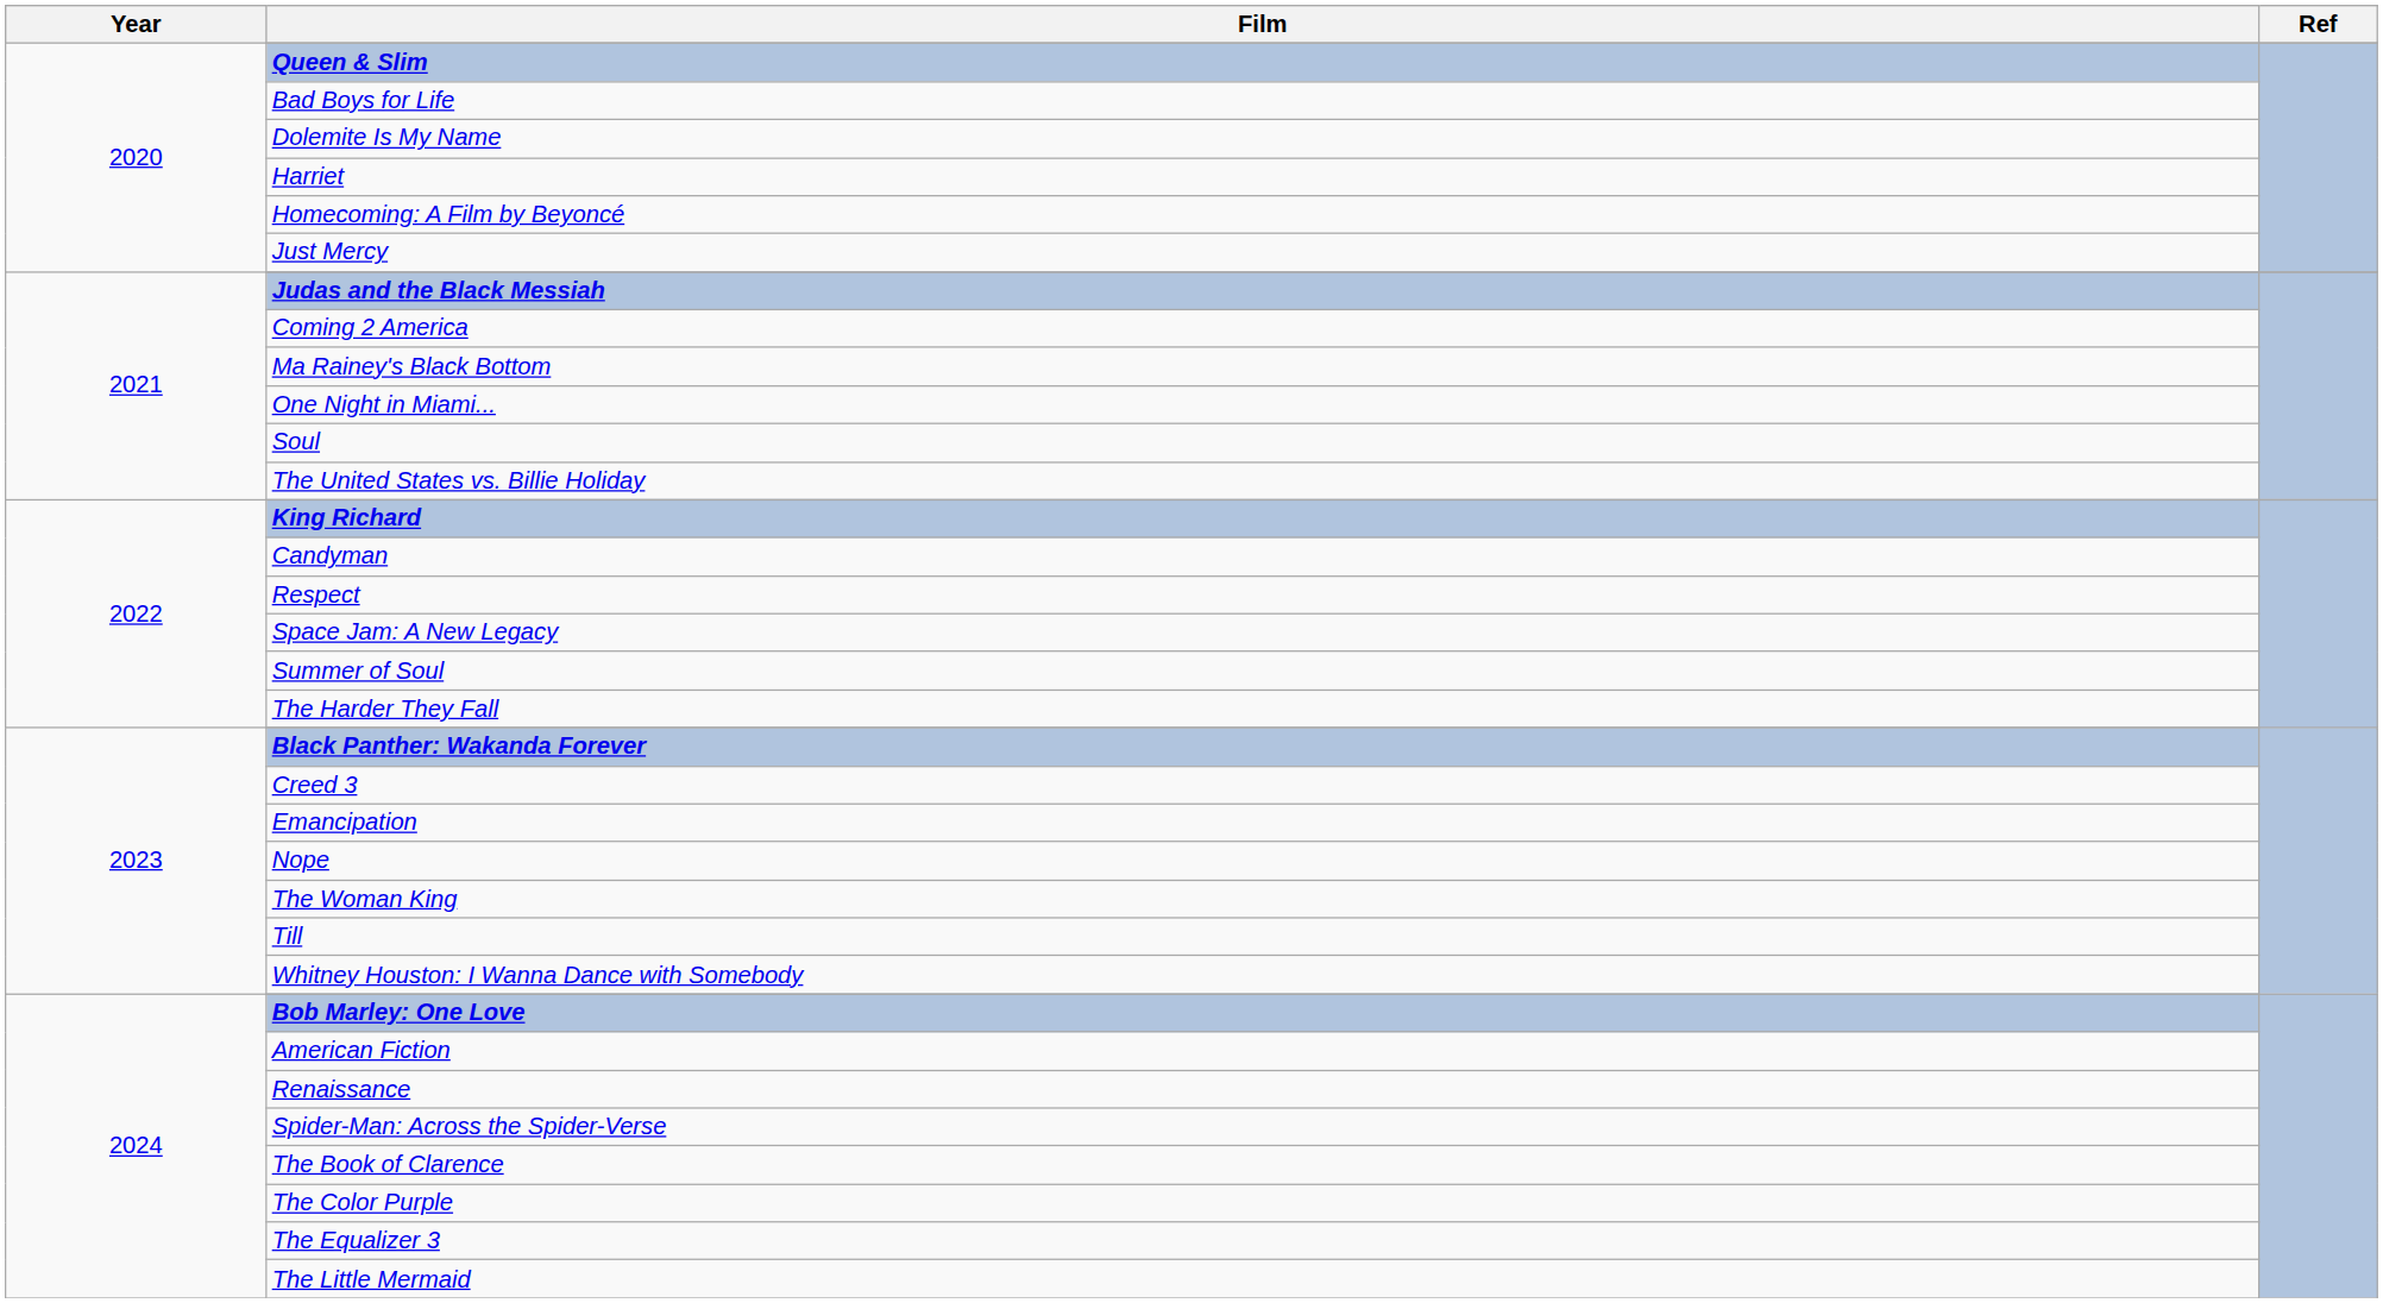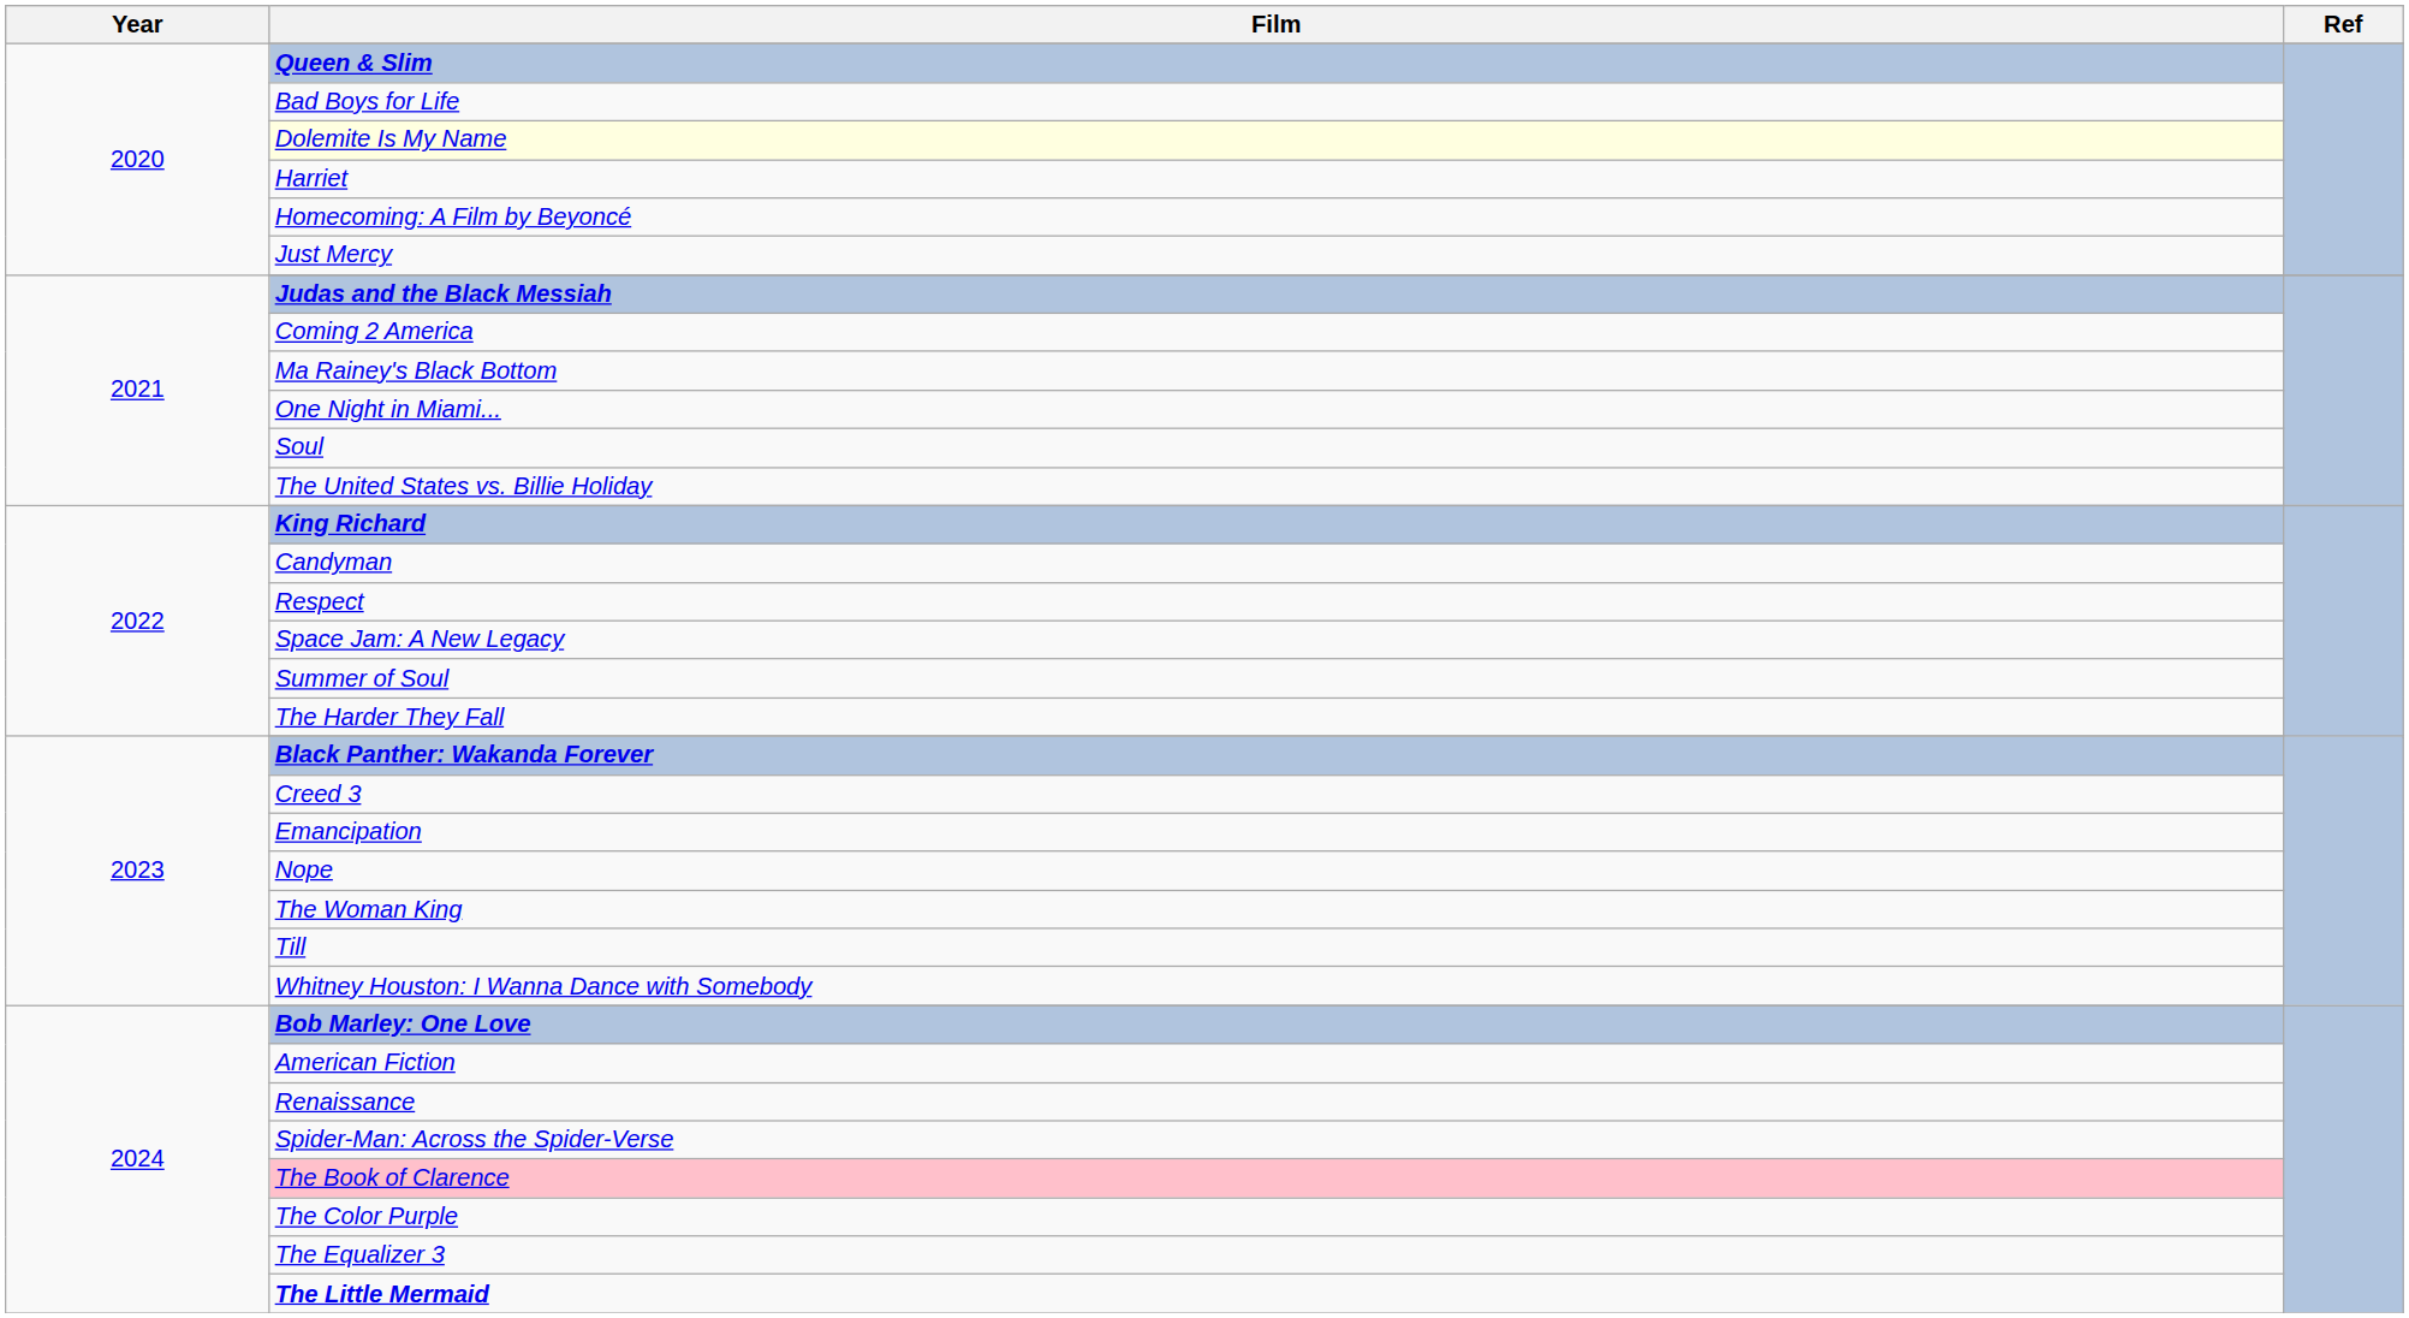 <table class="wikitable" style="width:100%;">
 <tr style="background:#bebebe;">
 <th style="width:11%;">Year</th>
 <th style="width:84%;">Film</th>
 <th style="width:5%;">Ref</th>
 </tr>
 <tr>
 <td rowspan="7" align="center"><a href='#'>2020</a></td>
 </tr>
 <tr style="background:#B0C4DE">
 <td><strong><em><a href='#'>Queen & Slim</a></em></strong></td>
 <td rowspan="6" align="center"></td>
 </tr>
 <tr>
 <td><em><a href='#'>Bad Boys for Life</a></em></td>
 </tr>
 <tr>
-<td><em><a href='#'>Dolemite Is My Name</a></em></td>
+<td style="background: lightyellow;"><em><a href='#'>Dolemite Is My Name</a></em></td>
 </tr>
 <tr>
 <td><em><a href='#'>Harriet</a></em></td>
 </tr>
 <tr>
 <td><em><a href='#'>Homecoming: A Film by Beyoncé</a></em></td>
 </tr>
 <tr>
 <td><em><a href='#'>Just Mercy</a></em></td>
 </tr>
 <tr>
 <td rowspan="7" align="center"><a href='#'>2021</a></td>
 </tr>
 <tr style="background:#B0C4DE">
 <td><strong><em><a href='#'>Judas and the Black Messiah</a></em></strong></td>
 <td rowspan="6" align="center"></td>
 </tr>
 <tr>
 <td><em><a href='#'>Coming 2 America</a></em></td>
 </tr>
 <tr>
 <td><em><a href='#'>Ma Rainey's Black Bottom</a></em></td>
 </tr>
 <tr>
 <td><em><a href='#'>One Night in Miami...</a></em></td>
 </tr>
 <tr>
 <td><em><a href='#'>Soul</a></em></td>
 </tr>
 <tr>
 <td><em><a href='#'>The United States vs. Billie Holiday</a></em></td>
 </tr>
 <tr>
 <td rowspan="7" align="center"><a href='#'>2022</a></td>
 </tr>
 <tr style="background:#B0C4DE">
 <td><strong><em><a href='#'>King Richard</a></em></strong></td>
 <td rowspan="7" align="center"></td>
 </tr>
 <tr>
 <td><em><a href='#'>Candyman</a></em></td>
 </tr>
 <tr>
 <td><em><a href='#'>Respect</a></em></td>
 </tr>
 <tr>
 <td><em><a href='#'>Space Jam: A New Legacy</a></em></td>
 </tr>
 <tr>
 <td><em><a href='#'>Summer of Soul</a></em></td>
 </tr>
 <tr>
 <td><em><a href='#'>The Harder They Fall</a></em></td>
 </tr>
 <tr>
 <td rowspan="8" align="center"><a href='#'>2023</a></td>
 </tr>
 <tr style="background:#B0C4DE">
 <td><strong><em><a href='#'>Black Panther: Wakanda Forever</a></em></strong></td>
 <td rowspan="8" align="center"></td>
 </tr>
 <tr>
 <td><em><a href='#'>Creed 3</a></em></td>
 </tr>
 <tr>
 <td><em><a href='#'>Emancipation</a></em></td>
 </tr>
 <tr>
 <td><em><a href='#'>Nope</a></em></td>
 </tr>
 <tr>
 <td><em><a href='#'>The Woman King</a></em></td>
 </tr>
 <tr>
 <td><em><a href='#'>Till</a></em></td>
 </tr>
 <tr>
 <td><em><a href='#'>Whitney Houston: I Wanna Dance with Somebody</a></em></td>
 </tr>
 <tr>
 <td rowspan="9" align="center"><a href='#'>2024</a></td>
 </tr>
 <tr style="background:#B0C4DE">
 <td><strong><em><a href='#'>Bob Marley: One Love</a></em></strong></td>
 <td rowspan="8" align="center"></td>
 </tr>
 <tr>
 <td><em><a href='#'>American Fiction</a></em></td>
 </tr>
 <tr>
 <td><em><a href='#'>Renaissance</a></em></td>
 </tr>
 <tr>
 <td><em><a href='#'>Spider-Man: Across the Spider-Verse</a></em></td>
 </tr>
 <tr>
-<td><em><a href='#'>The Book of Clarence</a></em></td>
+<td style="background: pink;"><em><a href='#'>The Book of Clarence</a></em></td>
 </tr>
 <tr>
 <td><em><a href='#'>The Color Purple</a></em></td>
 </tr>
 <tr>
 <td><em><a href='#'>The Equalizer 3</a></em></td>
 </tr>
 <tr>
-<td><em><a href='#'>The Little Mermaid</a></em></td>
+<td><strong><em><a href='#'>The Little Mermaid</a></em></strong></td>
 </tr>
 </table>
